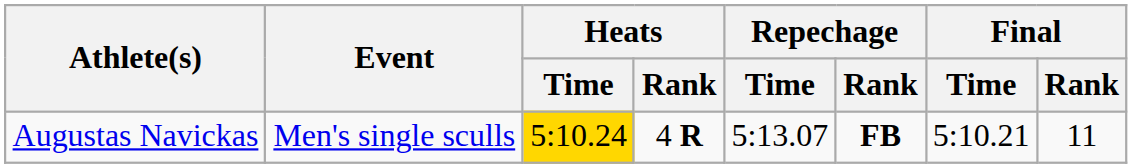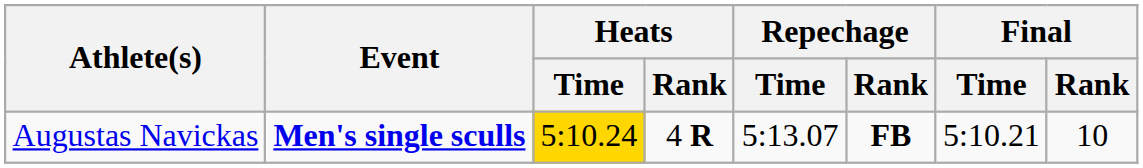 <table class="wikitable" style="font-size:90%">
 <tr>
 <th rowspan="2">Athlete(s)</th>
 <th rowspan="2">Event</th>
 <th colspan="2">Heats</th>
 <th colspan="2">Repechage</th>
 <th colspan="2">Final</th>
 </tr>
 <tr>
 <th>Time</th>
 <th>Rank</th>
 <th>Time</th>
 <th>Rank</th>
 <th>Time</th>
 <th>Rank</th>
 </tr>
 <tr align=center>
 <td align=left><a href='#'>Augustas Navickas</a></td>
-<td align=left><a href='#'>Men's single sculls</a></td>
+<td align=left><strong><a href='#'>Men's single sculls</a></strong></td>
 <td style="background: gold;">5:10.24</td>
 <td>4 <strong>R</strong></td>
 <td>5:13.07</td>
 <td> <strong>FB</strong></td>
 <td>5:10.21</td>
-<td>11</td>
+<td>10</td>
 </tr>
 </table>
